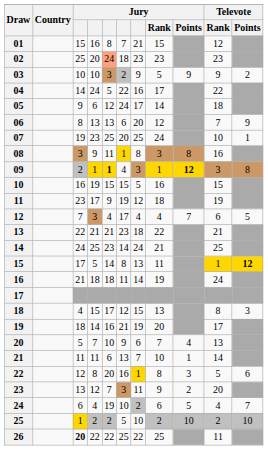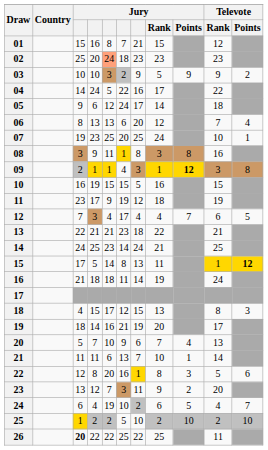 <table class="sortable wikitable collapsible plainrowheaders" style="text-align:center;">
 <tr>
 </tr>
 <tr>
 <th scope="col" rowspan="2">Draw</th>
 <th scope="col" rowspan="2">Country</th>
 <th scope="col" colspan="7">Jury</th>
 <th scope="col" colspan="2">Televote</th>
 </tr>
 <tr>
 <th scope="col"><small></small></th>
 <th scope="col"><small></small></th>
 <th scope="col"><small></small></th>
 <th scope="col"><small></small></th>
 <th scope="col"><small></small></th>
 <th scope="col">Rank</th>
 <th scope="col">Points</th>
 <th scope="col">Rank</th>
 <th scope="col">Points</th>
 </tr>
 <tr>
 <th scope="row" style="text-align:center;">01</th>
 <td style="text-align:left;"></td>
 <td>15</td>
 <td>16</td>
 <td>8</td>
 <td>7</td>
 <td>21</td>
 <td>15</td>
 <td style="background:#AAAAAA;"></td>
 <td>12</td>
 <td style="background:#AAAAAA;"></td>
 </tr>
 <tr>
 <th scope="row" style="text-align:center;">02</th>
 <td style="text-align:left;"></td>
 <td>25</td>
 <td>20</td>
 <td style="background: lightsalmon;">24</td>
 <td>18</td>
 <td>23</td>
 <td>23</td>
 <td style="background:#AAAAAA;"></td>
 <td>23</td>
 <td style="background:#AAAAAA;"></td>
 </tr>
 <tr>
 <th scope="row" style="text-align:center;">03</th>
 <td style="text-align:left;"></td>
 <td>10</td>
 <td>10</td>
 <td style="background:#CC9966;">3</td>
 <td style="background:silver;">2</td>
 <td>9</td>
 <td>5</td>
 <td>9</td>
 <td>9</td>
 <td>2</td>
 </tr>
 <tr>
 <th scope="row" style="text-align:center;">04</th>
 <td style="text-align:left;"></td>
 <td>14</td>
 <td>24</td>
 <td>5</td>
 <td>22</td>
 <td>16</td>
 <td>17</td>
 <td style="background:#AAAAAA;"></td>
 <td>22</td>
 <td style="background:#AAAAAA;"></td>
 </tr>
 <tr>
 <th scope="row" style="text-align:center;">05</th>
 <td style="text-align:left;"></td>
 <td>9</td>
 <td>6</td>
 <td>12</td>
 <td>24</td>
 <td>17</td>
 <td>14</td>
 <td style="background:#AAAAAA;"></td>
 <td>18</td>
 <td style="background:#AAAAAA;"></td>
 </tr>
 <tr>
 <th scope="row" style="text-align:center;">06</th>
 <td style="text-align:left;"></td>
 <td>8</td>
 <td>13</td>
 <td>13</td>
 <td>6</td>
 <td>20</td>
 <td>12</td>
 <td style="background:#AAAAAA;"></td>
 <td>7</td>
-<td>9</td>
+<td>4</td>
 </tr>
 <tr>
 <th scope="row" style="text-align:center;">07</th>
 <td style="text-align:left;"></td>
 <td>19</td>
 <td>23</td>
 <td>25</td>
 <td>20</td>
 <td>25</td>
 <td>24</td>
 <td style="background:#AAAAAA;"></td>
 <td>10</td>
 <td>1</td>
 </tr>
 <tr>
 <th scope="row" style="text-align:center;">08</th>
 <td style="text-align:left;"></td>
 <td style="background:#CC9966;">3</td>
 <td>9</td>
 <td>11</td>
 <td style="background:gold;">1</td>
 <td>8</td>
 <td style="background:#CC9966;">3</td>
 <td style="background:#CC9966;">8</td>
 <td>16</td>
 <td style="background:#AAAAAA;"></td>
 </tr>
 <tr>
 <th scope="row" style="text-align:center;">09</th>
 <td style="text-align:left;"></td>
 <td style="background:silver;">2</td>
 <td style="background:gold;">1</td>
-<td style="background:gold;"><strong>1</strong></td>
+<td style="background:gold;">1</td>
 <td>4</td>
 <td style="background:#CC9966;">3</td>
 <td style="background:gold;">1</td>
 <td style="background:gold;"><strong>12</strong></td>
 <td style="background:#CC9966;">3</td>
 <td style="background:#CC9966;">8</td>
 </tr>
 <tr>
 <th scope="row" style="text-align:center;">10</th>
 <td style="text-align:left;"></td>
 <td>16</td>
 <td>19</td>
 <td>15</td>
 <td>15</td>
 <td>5</td>
 <td>16</td>
 <td style="background:#AAAAAA;"></td>
 <td>15</td>
 <td style="background:#AAAAAA;"></td>
 </tr>
 <tr>
 <th scope="row" style="text-align:center;">11</th>
 <td style="text-align:left;"></td>
 <td>23</td>
 <td>17</td>
 <td>9</td>
 <td>19</td>
 <td>12</td>
 <td>18</td>
 <td style="background:#AAAAAA;"></td>
 <td>19</td>
 <td style="background:#AAAAAA;"></td>
 </tr>
 <tr>
 <th scope="row" style="text-align:center;">12</th>
 <td style="text-align:left;"></td>
 <td>7</td>
 <td style="background:#CC9966;">3</td>
 <td>4</td>
 <td>17</td>
 <td>4</td>
 <td>4</td>
 <td>7</td>
 <td>6</td>
 <td>5</td>
 </tr>
 <tr>
 <th scope="row" style="text-align:center;">13</th>
 <td style="text-align:left;"></td>
 <td>22</td>
 <td>21</td>
 <td>21</td>
 <td>23</td>
 <td>18</td>
 <td>22</td>
 <td style="background:#AAAAAA;"></td>
 <td>21</td>
 <td style="background:#AAAAAA;"></td>
 </tr>
 <tr>
 <th scope="row" style="text-align:center;">14</th>
 <td style="text-align:left;"></td>
 <td>24</td>
 <td>25</td>
 <td>23</td>
 <td>14</td>
 <td>24</td>
 <td>21</td>
 <td style="background:#AAAAAA;"></td>
 <td>25</td>
 <td style="background:#AAAAAA;"></td>
 </tr>
 <tr>
 <th scope="row" style="text-align:center;">15</th>
 <td style="text-align:left;"></td>
 <td>17</td>
 <td>5</td>
 <td>14</td>
 <td>8</td>
 <td>13</td>
 <td>11</td>
 <td style="background:#AAAAAA;"></td>
 <td style="background:gold;">1</td>
 <td style="background:gold;"><strong>12</strong></td>
 </tr>
 <tr>
 <th scope="row" style="text-align:center;">16</th>
 <td style="text-align:left;"></td>
 <td>21</td>
 <td>18</td>
 <td>18</td>
 <td>11</td>
 <td>14</td>
 <td>19</td>
 <td style="background:#AAAAAA;"></td>
 <td>24</td>
 <td style="background:#AAAAAA;"></td>
 </tr>
 <tr class="sortbottom">
 <th scope="row" style="text-align:center;">17</th>
 <td style="text-align:left;"></td>
 <td style="background:#AAAAAA;"></td>
 <td style="background:#AAAAAA;"></td>
 <td style="background:#AAAAAA;"></td>
 <td style="background:#AAAAAA;"></td>
 <td style="background:#AAAAAA;"></td>
 <td style="background:#AAAAAA;"></td>
 <td style="background:#AAAAAA;"></td>
 <td style="background:#AAAAAA;"></td>
 <td style="background:#AAAAAA;"></td>
 </tr>
 <tr>
 <th scope="row" style="text-align:center;">18</th>
 <td style="text-align:left;"></td>
 <td>4</td>
 <td>15</td>
 <td>17</td>
 <td>12</td>
 <td>15</td>
 <td>13</td>
 <td style="background:#AAAAAA;"></td>
 <td>8</td>
 <td>3</td>
 </tr>
 <tr>
 <th scope="row" style="text-align:center;">19</th>
 <td style="text-align:left;"></td>
 <td>18</td>
 <td>14</td>
 <td>16</td>
 <td>21</td>
 <td>19</td>
 <td>20</td>
 <td style="background:#AAAAAA;"></td>
 <td>17</td>
 <td style="background:#AAAAAA;"></td>
 </tr>
 <tr>
 <th scope="row" style="text-align:center;">20</th>
 <td style="text-align:left;"></td>
 <td>5</td>
 <td>7</td>
 <td>10</td>
 <td>9</td>
 <td>6</td>
 <td>7</td>
 <td>4</td>
 <td>13</td>
 <td style="background:#AAAAAA;"></td>
 </tr>
 <tr>
 <th scope="row" style="text-align:center;">21</th>
 <td style="text-align:left;"></td>
 <td>11</td>
 <td>11</td>
 <td>6</td>
 <td>13</td>
 <td>7</td>
 <td>10</td>
 <td>1</td>
 <td>14</td>
 <td style="background:#AAAAAA;"></td>
 </tr>
 <tr>
 <th scope="row" style="text-align:center;">22</th>
 <td style="text-align:left;"></td>
 <td>12</td>
 <td>8</td>
 <td>20</td>
 <td>16</td>
 <td style="background:gold;">1</td>
 <td>8</td>
 <td>3</td>
 <td>5</td>
 <td>6</td>
 </tr>
 <tr>
 <th scope="row" style="text-align:center;">23</th>
 <td style="text-align:left;"></td>
 <td>13</td>
 <td>12</td>
 <td>7</td>
 <td style="background:#CC9966;">3</td>
 <td>11</td>
 <td>9</td>
 <td>2</td>
 <td>20</td>
 <td style="background:#AAAAAA;"></td>
 </tr>
 <tr>
 <th scope="row" style="text-align:center;">24</th>
 <td style="text-align:left;"></td>
 <td>6</td>
 <td>4</td>
 <td>19</td>
 <td>10</td>
 <td style="background:silver;">2</td>
 <td>6</td>
 <td>5</td>
 <td>4</td>
 <td>7</td>
 </tr>
 <tr>
 <th scope="row" style="text-align:center;">25</th>
 <td style="text-align:left;"></td>
 <td style="background:gold;">1</td>
 <td style="background:silver;">2</td>
 <td style="background:silver;">2</td>
 <td>5</td>
 <td>10</td>
 <td style="background:silver;">2</td>
 <td style="background:silver;">10</td>
 <td style="background:silver;">2</td>
 <td style="background:silver;">10</td>
 </tr>
 <tr>
 <th scope="row" style="text-align:center;">26</th>
 <td style="text-align:left;"></td>
 <td><strong>20</strong></td>
 <td>22</td>
 <td>22</td>
 <td>25</td>
 <td>22</td>
 <td>25</td>
 <td style="background:#AAAAAA;"></td>
 <td>11</td>
 <td style="background:#AAAAAA;"></td>
 </tr>
 </table>
